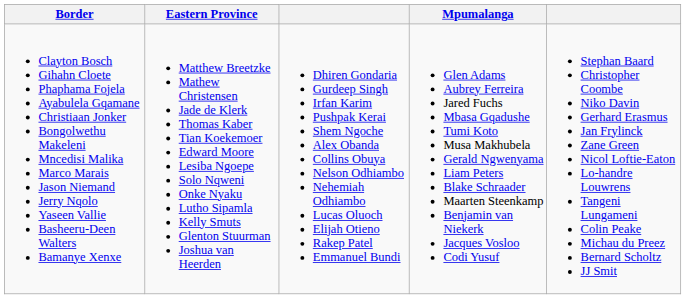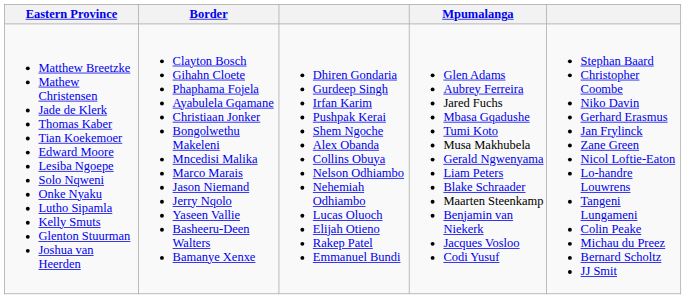 <table class="wikitable">
 <tr>
+<th width=300> <a href='#'>Eastern Province</a></th>
 <th width=300> <a href='#'>Border</a></th>
-<th width=300> <a href='#'>Eastern Province</a></th>
 <th width=300></th>
 <th width=300> <a href='#'>Mpumalanga</a></th>
 <th width=300></th>
 </tr>
 <tr>
+<td><br><ul><li><a href='#'>Matthew Breetzke</a></li><li><a href='#'>Mathew Christensen</a></li><li><a href='#'>Jade de Klerk</a></li><li><a href='#'>Thomas Kaber</a></li><li><a href='#'>Tian Koekemoer</a></li><li><a href='#'>Edward Moore</a></li><li><a href='#'>Lesiba Ngoepe</a></li><li><a href='#'>Solo Nqweni</a></li><li><a href='#'>Onke Nyaku</a></li><li><a href='#'>Lutho Sipamla</a></li><li><a href='#'>Kelly Smuts</a></li><li><a href='#'>Glenton Stuurman</a></li><li><a href='#'>Joshua van Heerden</a></li></ul></td>
 <td valign=top><br><ul><li><a href='#'>Clayton Bosch</a></li><li><a href='#'>Gihahn Cloete</a></li><li><a href='#'>Phaphama Fojela</a></li><li><a href='#'>Ayabulela Gqamane</a></li><li><a href='#'>Christiaan Jonker</a></li><li><a href='#'>Bongolwethu Makeleni</a></li><li><a href='#'>Mncedisi Malika</a></li><li><a href='#'>Marco Marais</a></li><li><a href='#'>Jason Niemand</a></li><li><a href='#'>Jerry Nqolo</a></li><li><a href='#'>Yaseen Vallie</a></li><li><a href='#'>Basheeru-Deen Walters</a></li><li><a href='#'>Bamanye Xenxe</a></li></ul></td>
-<td><br><ul><li><a href='#'>Matthew Breetzke</a></li><li><a href='#'>Mathew Christensen</a></li><li><a href='#'>Jade de Klerk</a></li><li><a href='#'>Thomas Kaber</a></li><li><a href='#'>Tian Koekemoer</a></li><li><a href='#'>Edward Moore</a></li><li><a href='#'>Lesiba Ngoepe</a></li><li><a href='#'>Solo Nqweni</a></li><li><a href='#'>Onke Nyaku</a></li><li><a href='#'>Lutho Sipamla</a></li><li><a href='#'>Kelly Smuts</a></li><li><a href='#'>Glenton Stuurman</a></li><li><a href='#'>Joshua van Heerden</a></li></ul></td>
 <td><br><ul><li><a href='#'>Dhiren Gondaria</a></li><li><a href='#'>Gurdeep Singh</a></li><li><a href='#'>Irfan Karim</a></li><li><a href='#'>Pushpak Kerai</a></li><li><a href='#'>Shem Ngoche</a></li><li><a href='#'>Alex Obanda</a></li><li><a href='#'>Collins Obuya</a></li><li><a href='#'>Nelson Odhiambo</a></li><li><a href='#'>Nehemiah Odhiambo</a></li><li><a href='#'>Lucas Oluoch</a></li><li><a href='#'>Elijah Otieno</a></li><li><a href='#'>Rakep Patel</a></li><li><a href='#'>Emmanuel Bundi</a></li></ul></td>
 <td><br><ul><li><a href='#'>Glen Adams</a></li><li><a href='#'>Aubrey Ferreira</a></li><li>Jared Fuchs</li><li><a href='#'>Mbasa Gqadushe</a></li><li><a href='#'>Tumi Koto</a></li><li>Musa Makhubela</li><li><a href='#'>Gerald Ngwenyama</a></li><li><a href='#'>Liam Peters</a></li><li><a href='#'>Blake Schraader</a></li><li>Maarten Steenkamp</li><li><a href='#'>Benjamin van Niekerk</a></li><li><a href='#'>Jacques Vosloo</a></li><li><a href='#'>Codi Yusuf</a></li></ul></td>
 <td><br><ul><li><a href='#'>Stephan Baard</a></li><li><a href='#'>Christopher Coombe</a></li><li><a href='#'>Niko Davin</a></li><li><a href='#'>Gerhard Erasmus</a></li><li><a href='#'>Jan Frylinck</a></li><li><a href='#'>Zane Green</a></li><li><a href='#'>Nicol Loftie-Eaton</a></li><li><a href='#'>Lo-handre Louwrens</a></li><li><a href='#'>Tangeni Lungameni</a></li><li><a href='#'>Colin Peake</a></li><li><a href='#'>Michau du Preez</a></li><li><a href='#'>Bernard Scholtz</a></li><li><a href='#'>JJ Smit</a></li></ul></td>
 </tr>
 </table>
